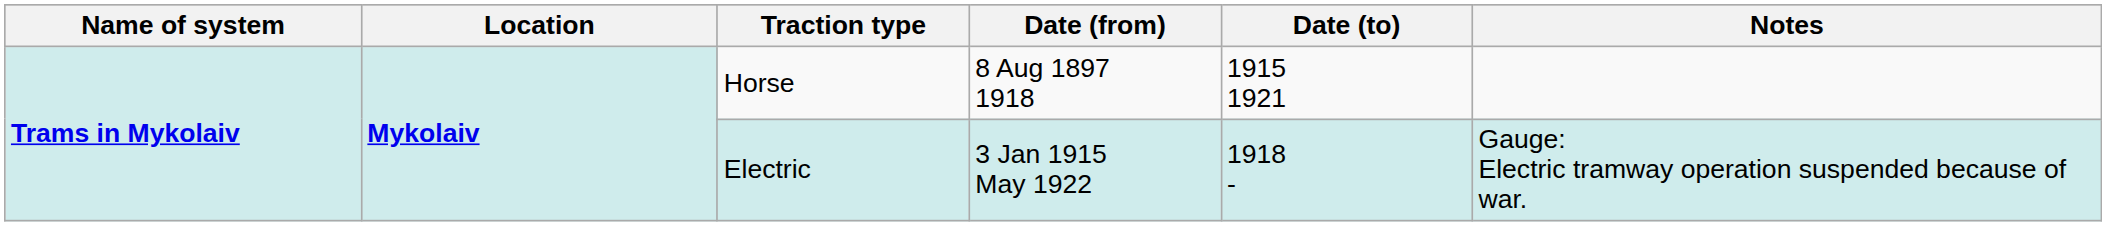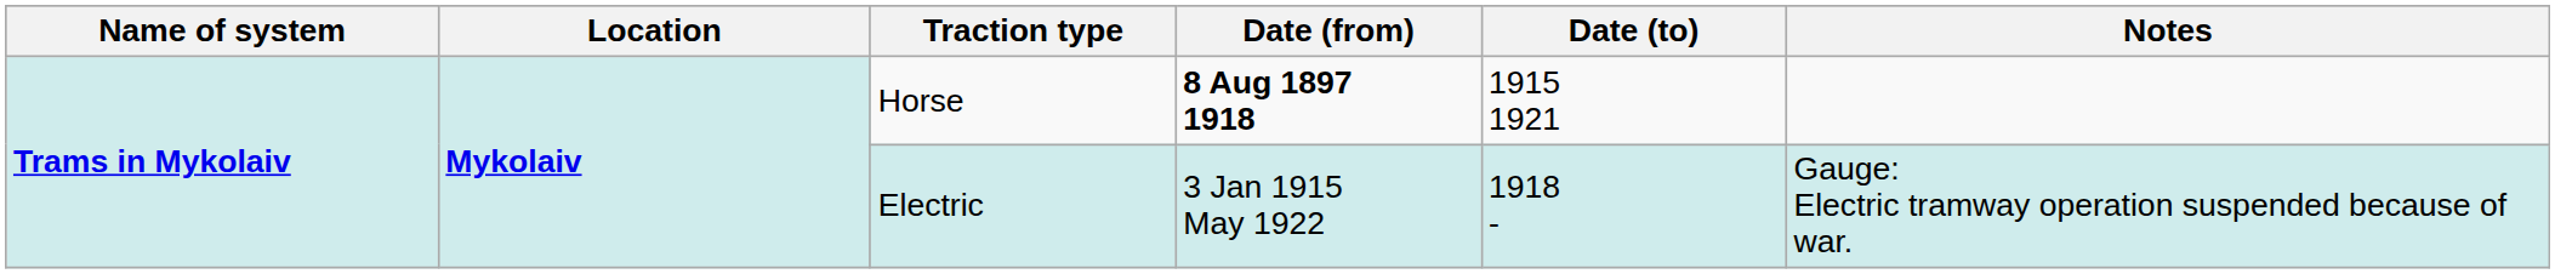 <table class="wikitable" style="width:100%;">
 <tr>
 <th style="width:17%;">Name of system</th>
 <th style="width:17%;">Location</th>
 <th style="width:12%;">Traction type</th>
 <th style="width:12%;">Date (from)</th>
 <th style="width:12%;">Date (to)</th>
 <th style="width:30%;">Notes</th>
 </tr>
 <tr>
 <td style="background:#CFECEC" rowspan="2"><strong><a href='#'>Trams in Mykolaiv</a></strong></td>
 <td style="background:#CFECEC" rowspan="2"><strong><a href='#'>Mykolaiv</a></strong></td>
 <td>Horse</td>
-<td>8 Aug 1897<br>1918</td>
+<td><strong>8 Aug 1897<br>1918</strong></td>
 <td>1915<br>1921</td>
 <td> </td>
 </tr>
 <tr>
 <td style="background:#CFECEC">Electric</td>
 <td style="background:#CFECEC">3 Jan 1915<br>May 1922</td>
 <td style="background:#CFECEC">1918<br>-</td>
 <td style="background:#CFECEC">Gauge: <br>Electric tramway operation suspended because of war.</td>
 </tr>
 </table>
